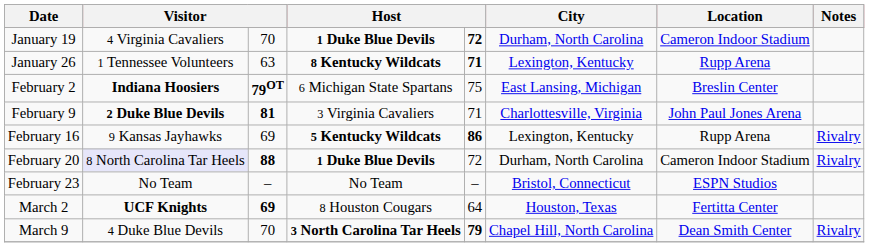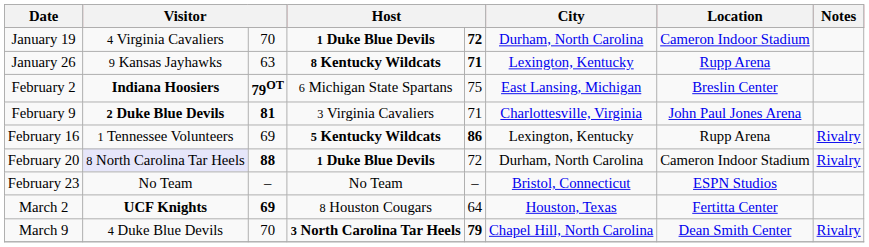 <table class="wikitable" style="text-align:center">
 <tr style="background:#A32638;"|>
 <th>Date</th>
 <th colspan=2>Visitor</th>
 <th colspan=2>Host</th>
 <th>City</th>
 <th>Location</th>
 <th>Notes</th>
 </tr>
 <tr>
 <td>January 19</td>
 <td><small>4</small> Virginia Cavaliers</td>
 <td>70</td>
 <td><strong><small>1</small> Duke Blue Devils</strong></td>
 <td><strong>72</strong></td>
 <td><a href='#'>Durham, North Carolina</a></td>
 <td><a href='#'>Cameron Indoor Stadium</a></td>
 <td></td>
 </tr>
 <tr>
 <td>January 26</td>
-<td><small>1</small> Tennessee Volunteers</td>
+<td><small>9</small> Kansas Jayhawks</td>
 <td>63</td>
 <td><strong><small>8</small> Kentucky Wildcats</strong></td>
 <td><strong>71</strong></td>
 <td><a href='#'>Lexington, Kentucky</a></td>
 <td><a href='#'>Rupp Arena</a></td>
 <td></td>
 </tr>
 <tr>
 <td>February 2</td>
 <td><strong>Indiana Hoosiers</strong></td>
 <td><strong>79<sup>OT</sup></strong></td>
 <td><small>6</small> Michigan State Spartans</td>
 <td>75</td>
 <td><a href='#'>East Lansing, Michigan</a></td>
 <td><a href='#'>Breslin Center</a></td>
 <td></td>
 </tr>
 <tr>
 <td>February 9</td>
 <td><strong><small>2</small> Duke Blue Devils</strong></td>
 <td><strong>81</strong></td>
 <td><small>3</small> Virginia Cavaliers</td>
 <td>71</td>
 <td><a href='#'>Charlottesville, Virginia</a></td>
 <td><a href='#'>John Paul Jones Arena</a></td>
 <td></td>
 </tr>
 <tr>
 <td>February 16</td>
-<td><small>9</small> Kansas Jayhawks</td>
+<td><small>1</small> Tennessee Volunteers</td>
 <td>69</td>
 <td><strong><small>5</small> Kentucky Wildcats</strong></td>
 <td><strong>86</strong></td>
 <td>Lexington, Kentucky</td>
 <td>Rupp Arena</td>
 <td><a href='#'>Rivalry</a></td>
 </tr>
 <tr>
 <td>February 20</td>
 <td style="background: lavender;"><small>8</small> North Carolina Tar Heels</td>
 <td><strong>88</strong></td>
 <td><strong><small>1</small> Duke Blue Devils</strong></td>
 <td>72</td>
 <td>Durham, North Carolina</td>
 <td>Cameron Indoor Stadium</td>
 <td><a href='#'>Rivalry</a></td>
 </tr>
 <tr>
 <td>February 23</td>
 <td>No Team</td>
 <td>–</td>
 <td>No Team</td>
 <td>–</td>
 <td><a href='#'>Bristol, Connecticut</a></td>
 <td><a href='#'>ESPN Studios</a></td>
 <td></td>
 </tr>
 <tr>
 <td>March 2</td>
 <td><strong>UCF Knights</strong></td>
 <td><strong>69</strong></td>
 <td><small>8</small> Houston Cougars</td>
 <td>64</td>
 <td><a href='#'>Houston, Texas</a></td>
 <td><a href='#'>Fertitta Center</a></td>
 <td></td>
 </tr>
 <tr>
 <td>March 9</td>
 <td><small>4</small> Duke Blue Devils</td>
 <td>70</td>
 <td><strong><small>3</small> North Carolina Tar Heels</strong></td>
 <td><strong>79</strong></td>
 <td><a href='#'>Chapel Hill, North Carolina</a></td>
 <td><a href='#'>Dean Smith Center</a></td>
 <td><a href='#'>Rivalry</a></td>
 </tr>
 <tr>
 </tr>
 </table>
